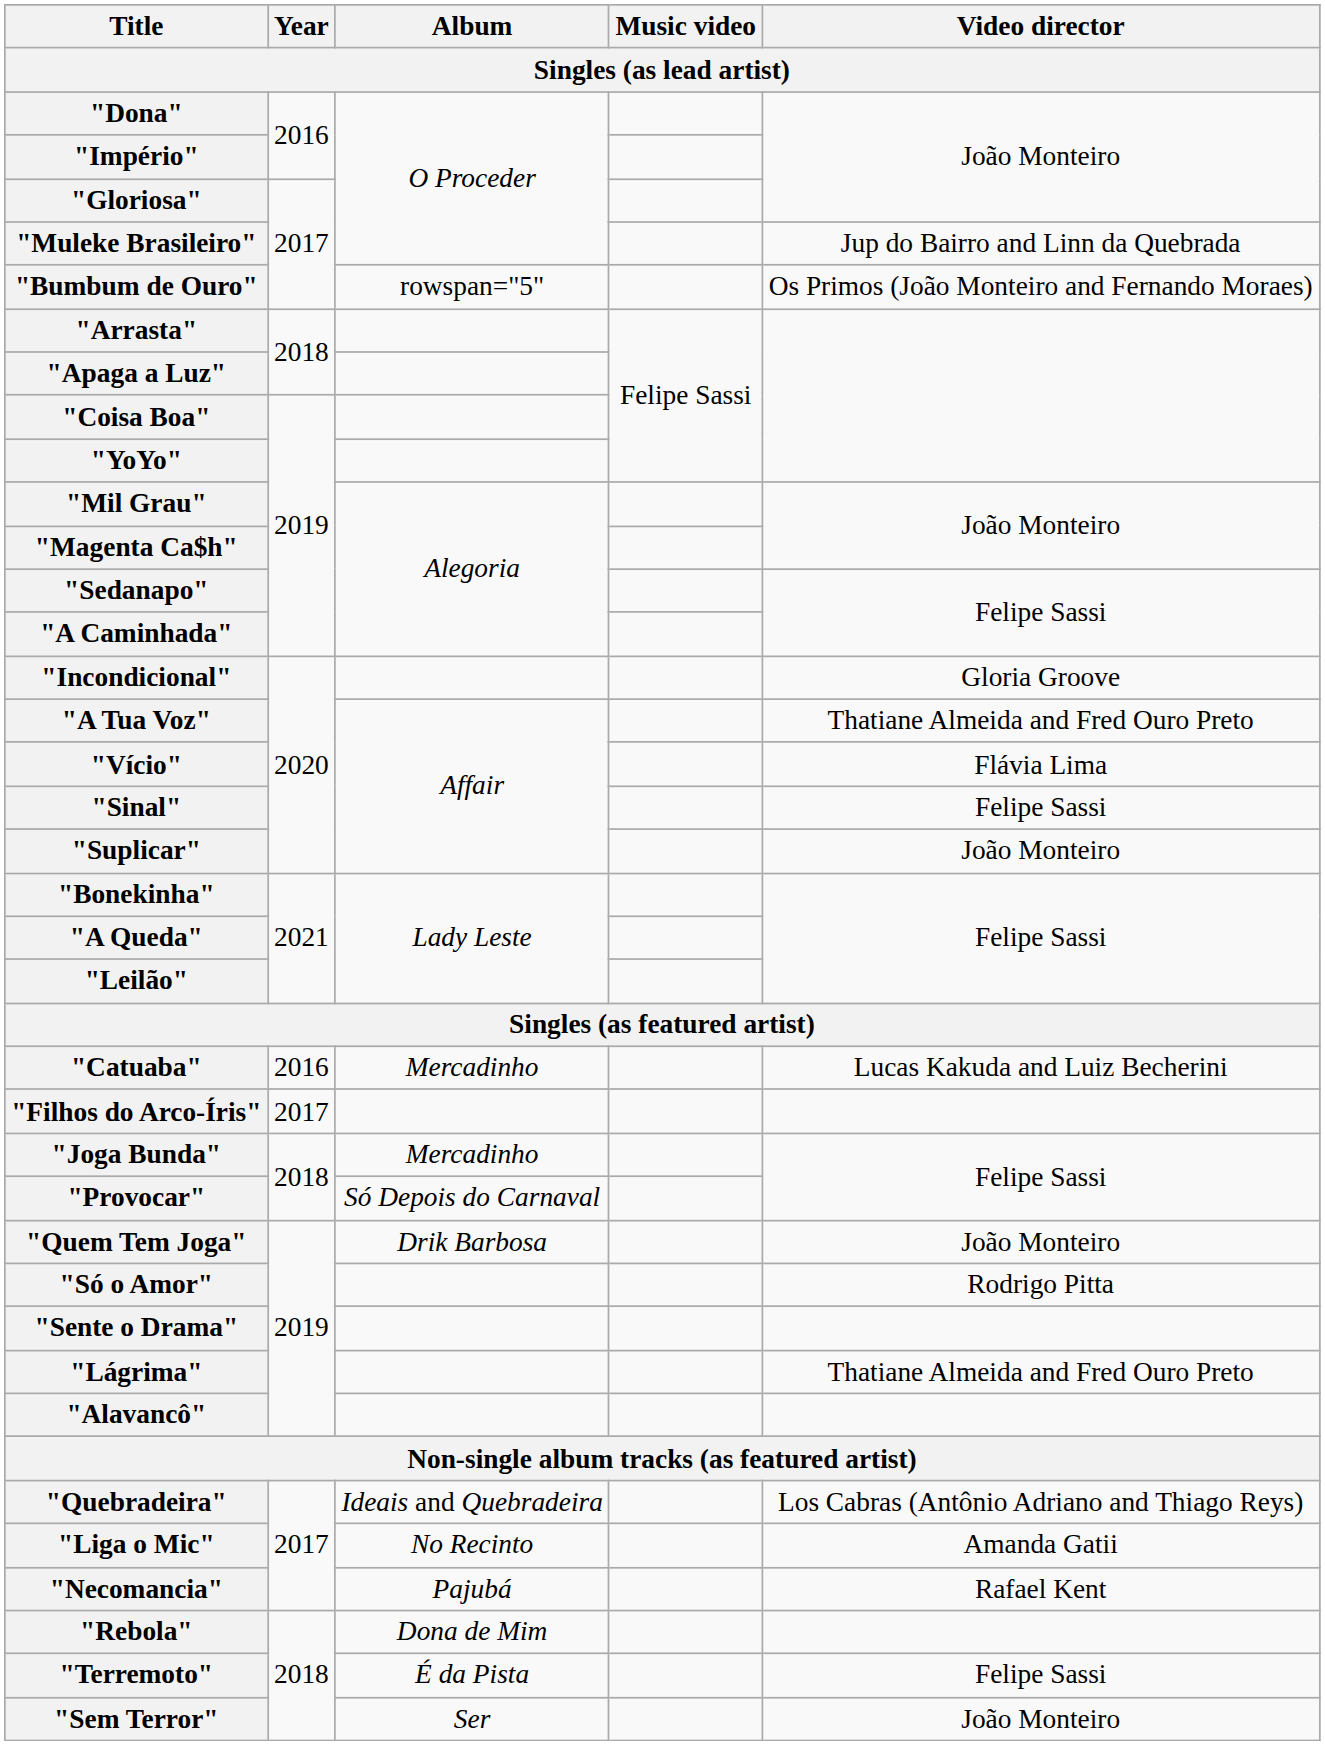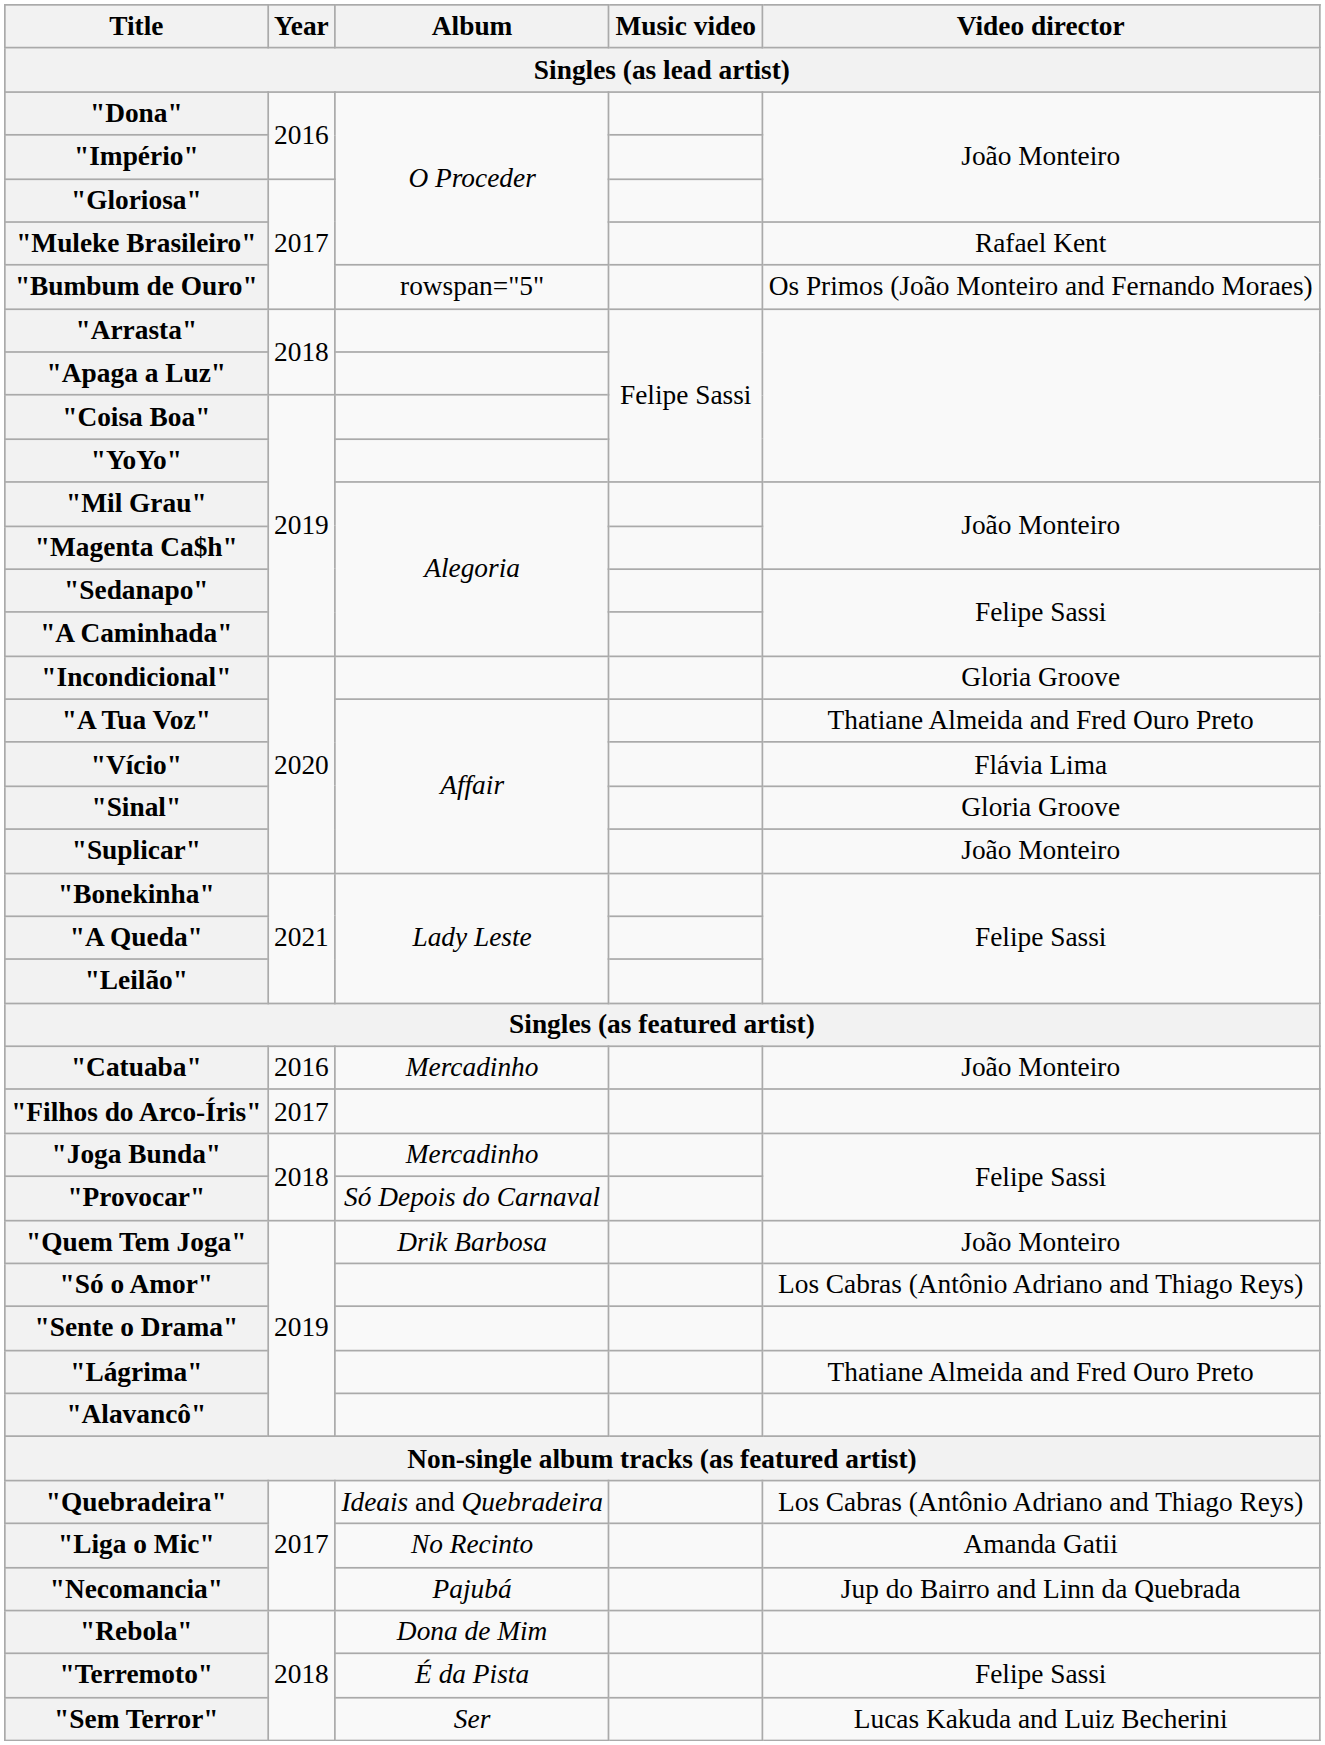 <table class="wikitable plainrowheaders" style="text-align:center;">
 <tr>
 <th scope="col">Title</th>
 <th scope="col">Year</th>
 <th scope="col">Album</th>
 <th scope="col">Music video</th>
 <th scope="col">Video director</th>
 </tr>
 <tr>
 <th scope="col" colspan="6">Singles (as lead artist)</th>
 </tr>
 <tr>
 <th scope="row">"Dona"</th>
 <td rowspan="2">2016</td>
 <td rowspan="4"><em>O Proceder</em></td>
 <td></td>
 <td rowspan="3">João Monteiro</td>
 </tr>
 <tr>
 <th scope="row">"Império"</th>
 <td></td>
 </tr>
 <tr>
 <th scope="row">"Gloriosa"</th>
 <td rowspan="3">2017</td>
 <td></td>
 </tr>
 <tr>
 <th scope="row">"Muleke Brasileiro"</th>
 <td></td>
-<td>Jup do Bairro and Linn da Quebrada</td>
+<td>Rafael Kent</td>
 </tr>
 <tr>
 <th scope="row">"Bumbum de Ouro"</th>
 <td>rowspan="5" </td>
 <td></td>
 <td>Os Primos (João Monteiro and Fernando Moraes)</td>
 </tr>
 <tr>
 <th scope="row">"Arrasta"<br></th>
 <td rowspan="2">2018</td>
 <td></td>
 <td rowspan="4">Felipe Sassi</td>
 </tr>
 <tr>
 <th scope="row">"Apaga a Luz"</th>
 <td></td>
 </tr>
 <tr>
 <th scope="row">"Coisa Boa"</th>
 <td rowspan="6">2019</td>
 <td></td>
 </tr>
 <tr>
 <th scope="row">"YoYo"<br></th>
 <td></td>
 </tr>
 <tr>
 <th scope="row">"Mil Grau"</th>
 <td rowspan="4"><em>Alegoria</em></td>
 <td></td>
 <td rowspan="2">João Monteiro</td>
 </tr>
 <tr>
 <th scope="row">"Magenta Ca$h"<br></th>
 <td></td>
 </tr>
 <tr>
 <th scope="row">"Sedanapo"</th>
 <td></td>
 <td rowspan="2">Felipe Sassi</td>
 </tr>
 <tr>
 <th scope="row">"A Caminhada"</th>
 <td></td>
 </tr>
 <tr>
 <th scope="row">"Incondicional"<br></th>
 <td rowspan="5">2020</td>
 <td></td>
 <td></td>
 <td>Gloria Groove</td>
 </tr>
 <tr>
 <th scope="row">"A Tua Voz"</th>
 <td rowspan="4"><em>Affair</em></td>
 <td></td>
 <td>Thatiane Almeida and Fred Ouro Preto</td>
 </tr>
 <tr>
 <th scope="row">"Vício"</th>
 <td></td>
 <td>Flávia Lima</td>
 </tr>
 <tr>
 <th scope="row">"Sinal"</th>
 <td></td>
-<td>Felipe Sassi</td>
+<td>Gloria Groove</td>
 </tr>
 <tr>
 <th scope="row">"Suplicar"</th>
 <td></td>
 <td>João Monteiro</td>
 </tr>
 <tr>
 <th scope="row">"Bonekinha"</th>
 <td rowspan="3">2021</td>
 <td rowspan="3"><em>Lady Leste</em></td>
 <td></td>
 <td rowspan="3">Felipe Sassi</td>
 </tr>
 <tr>
 <th scope="row">"A Queda"</th>
 <td></td>
 </tr>
 <tr>
 <th scope="row">"Leilão"</th>
 <td></td>
 </tr>
 <tr>
 <th scope="col" colspan="6">Singles (as featured artist)</th>
 </tr>
 <tr>
 <th scope="row">"Catuaba"<br></th>
 <td>2016</td>
 <td><em>Mercadinho</em></td>
 <td></td>
-<td>Lucas Kakuda and Luiz Becherini</td>
+<td>João Monteiro</td>
 </tr>
 <tr>
 <th scope="row">"Filhos do Arco-Íris"<br></th>
 <td>2017</td>
 <td></td>
 <td></td>
 <td></td>
 </tr>
 <tr>
 <th scope="row">"Joga Bunda"<br></th>
 <td rowspan="2">2018</td>
 <td><em>Mercadinho</em></td>
 <td></td>
 <td rowspan="2">Felipe Sassi</td>
 </tr>
 <tr>
 <th scope="row">"Provocar"<br></th>
 <td><em>Só Depois do Carnaval</em></td>
 <td></td>
 </tr>
 <tr>
 <th scope="row">"Quem Tem Joga"<br></th>
 <td rowspan="5">2019</td>
 <td><em>Drik Barbosa</em></td>
 <td></td>
 <td>João Monteiro</td>
 </tr>
 <tr>
 <th scope="row">"Só o Amor"<br></th>
 <td></td>
 <td></td>
-<td>Rodrigo Pitta</td>
+<td>Los Cabras (Antônio Adriano and Thiago Reys)</td>
 </tr>
 <tr>
 <th scope="row">"Sente o Drama"<br></th>
 <td></td>
 <td></td>
 <td></td>
 </tr>
 <tr>
 <th scope="row">"Lágrima"<br></th>
 <td></td>
 <td></td>
 <td>Thatiane Almeida and Fred Ouro Preto</td>
 </tr>
 <tr>
 <th scope="row">"Alavancô"<br></th>
 <td></td>
 <td></td>
 <td></td>
 </tr>
 <tr>
 <th scope="col" colspan="6">Non-single album tracks (as featured artist)</th>
 </tr>
 <tr>
 <th scope="row">"Quebradeira"<br></th>
 <td rowspan="3">2017</td>
 <td><em>Ideais</em> and <em>Quebradeira</em></td>
 <td></td>
 <td>Los Cabras (Antônio Adriano and Thiago Reys)</td>
 </tr>
 <tr>
 <th scope="row">"Liga o Mic"<br></th>
 <td><em>No Recinto</em></td>
 <td></td>
 <td>Amanda Gatii</td>
 </tr>
 <tr>
 <th scope="row">"Necomancia"<br></th>
 <td><em>Pajubá</em></td>
 <td></td>
-<td>Rafael Kent</td>
+<td>Jup do Bairro and Linn da Quebrada</td>
 </tr>
 <tr>
 <th scope="row">"Rebola"<br></th>
 <td rowspan="3">2018</td>
 <td><em>Dona de Mim</em></td>
 <td></td>
 <td></td>
 </tr>
 <tr>
 <th scope="row">"Terremoto"<br></th>
 <td><em>É da Pista</em></td>
 <td></td>
 <td>Felipe Sassi</td>
 </tr>
 <tr>
 <th scope="row">"Sem Terror"<br></th>
 <td><em>Ser</em></td>
 <td></td>
-<td>João Monteiro</td>
+<td>Lucas Kakuda and Luiz Becherini</td>
 </tr>
 </table>
